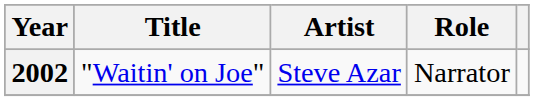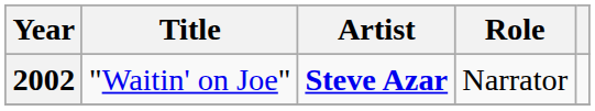 <table class="wikitable plainrowheaders" style="margin-right: 0;">
 <tr>
 <th scope="col">Year</th>
 <th scope="col">Title</th>
 <th scope="col">Artist</th>
 <th scope="col">Role</th>
 <th scope="col"></th>
 </tr>
 <tr>
 <th scope="row">2002</th>
 <td>"<a href='#'>Waitin' on Joe</a>"</td>
-<td><a href='#'>Steve Azar</a></td>
+<td><strong><a href='#'>Steve Azar</a></strong></td>
 <td>Narrator</td>
 <td style="text-align: center;"></td>
 </tr>
 <tr>
 </tr>
 </table>
